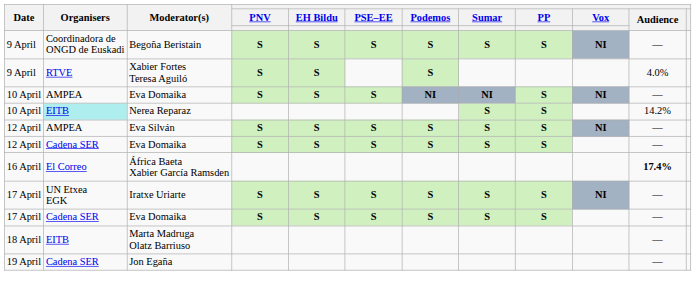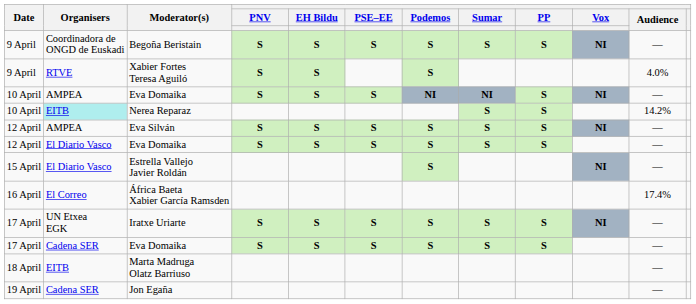 <table class="wikitable" style="text-align:center;">
 <tr>
 <th rowspan="3">Date</th>
 <th rowspan="3">Organisers</th>
 <th rowspan="3">Moderator(s)</th>
 <th colspan="9">        </th>
 </tr>
 <tr>
 <th scope="col" style="width:5em;"><a href='#'>PNV</a></th>
 <th scope="col" style="width:5em;"><a href='#'>EH Bildu</a></th>
 <th scope="col" style="width:5em;"><a href='#'>PSE–EE</a></th>
 <th scope="col" style="width:5em;"><a href='#'>Podemos</a></th>
 <th scope="col" style="width:5em;"><a href='#'>Sumar</a></th>
 <th scope="col" style="width:5em;"><a href='#'>PP</a></th>
 <th scope="col" style="width:5em;"><a href='#'>Vox</a></th>
 <th rowspan="2" scope="col" style="width:5em;">Audience</th>
 <th rowspan="2"></th>
 </tr>
 <tr>
 <th style="color:inherit;background:"></th>
 <th style="color:inherit;background:"></th>
 <th style="color:inherit;background:"></th>
 <th style="color:inherit;background:"></th>
 <th style="color:inherit;background:"></th>
 <th style="color:inherit;background:"></th>
 <th style="color:inherit;background:"></th>
 </tr>
 <tr>
 <td style="white-space:nowrap; text-align:left;">9 April</td>
 <td style="white-space:nowrap; text-align:left;">Coordinadora de<br>ONGD de Euskadi</td>
 <td style="white-space:nowrap; text-align:left;">Begoña Beristain</td>
 <td style="background:#D0F0C0;"><strong>S</strong><br></td>
 <td style="background:#D0F0C0;"><strong>S</strong><br></td>
 <td style="background:#D0F0C0;"><strong>S</strong><br></td>
 <td style="background:#D0F0C0;"><strong>S</strong><br></td>
 <td style="background:#D0F0C0;"><strong>S</strong><br></td>
 <td style="background:#D0F0C0;"><strong>S</strong><br></td>
 <td style="background:#A2B2C2;"><strong>NI</strong></td>
 <td>—</td>
 <td></td>
 </tr>
 <tr>
 <td style="white-space:nowrap; text-align:left;">9 April</td>
 <td style="white-space:nowrap; text-align:left;"><a href='#'>RTVE</a></td>
 <td style="white-space:nowrap; text-align:left;">Xabier Fortes<br>Teresa Aguiló</td>
 <td style="background:#D0F0C0;"><strong>S</strong><br></td>
 <td style="background:#D0F0C0;"><strong>S</strong><br></td>
 <td></td>
 <td style="background:#D0F0C0;"><strong>S</strong><br></td>
 <td></td>
 <td></td>
 <td></td>
 <td>4.0%</td>
 <td><br></td>
 </tr>
 <tr>
 <td style="white-space:nowrap; text-align:left;">10 April</td>
 <td style="white-space:nowrap; text-align:left;">AMPEA</td>
 <td style="white-space:nowrap; text-align:left;">Eva Domaika</td>
 <td style="background:#D0F0C0;"><strong>S</strong><br></td>
 <td style="background:#D0F0C0;"><strong>S</strong><br></td>
 <td style="background:#D0F0C0;"><strong>S</strong><br></td>
 <td style="background:#A2B2C2;"><strong>NI</strong></td>
 <td style="background:#A2B2C2;"><strong>NI</strong></td>
 <td style="background:#D0F0C0;"><strong>S</strong><br></td>
 <td style="background:#A2B2C2;"><strong>NI</strong></td>
 <td>—</td>
 <td></td>
 </tr>
 <tr>
 <td style="white-space:nowrap; text-align:left;">10 April</td>
 <td style="background: paleturquoise; white-space:nowrap; text-align:left;"><a href='#'>EITB</a></td>
 <td style="white-space:nowrap; text-align:left;">Nerea Reparaz</td>
 <td></td>
 <td></td>
 <td></td>
 <td></td>
 <td style="background:#D0F0C0;"><strong>S</strong><br></td>
 <td style="background:#D0F0C0;"><strong>S</strong><br></td>
 <td></td>
 <td>14.2%<br></td>
 <td><br></td>
 </tr>
 <tr>
 <td style="white-space:nowrap; text-align:left;">12 April</td>
 <td style="white-space:nowrap; text-align:left;">AMPEA</td>
 <td style="white-space:nowrap; text-align:left;">Eva Silván</td>
 <td style="background:#D0F0C0;"><strong>S</strong><br></td>
 <td style="background:#D0F0C0;"><strong>S</strong><br></td>
 <td style="background:#D0F0C0;"><strong>S</strong><br></td>
 <td style="background:#D0F0C0;"><strong>S</strong><br></td>
 <td style="background:#D0F0C0;"><strong>S</strong><br></td>
 <td style="background:#D0F0C0;"><strong>S</strong><br></td>
 <td style="background:#A2B2C2;"><strong>NI</strong></td>
 <td>—</td>
 <td></td>
 </tr>
 <tr>
 <td style="white-space:nowrap; text-align:left;">12 April</td>
-<td style="white-space:nowrap; text-align:left;"><a href='#'>Cadena SER</a></td>
+<td style="white-space:nowrap; text-align:left;"><a href='#'>El Diario Vasco</a></td>
 <td style="white-space:nowrap; text-align:left;">Eva Domaika</td>
 <td style="background:#D0F0C0;"><strong>S</strong><br></td>
 <td style="background:#D0F0C0;"><strong>S</strong><br></td>
 <td style="background:#D0F0C0;"><strong>S</strong><br></td>
 <td style="background:#D0F0C0;"><strong>S</strong><br></td>
 <td style="background:#D0F0C0;"><strong>S</strong><br></td>
 <td style="background:#D0F0C0;"><strong>S</strong><br></td>
 <td></td>
+<td>—</td>
+<td></td>
+</tr>
+<tr>
+<td style="white-space:nowrap; text-align:left;">15 April</td>
+<td style="white-space:nowrap; text-align:left;"><a href='#'>El Diario Vasco</a></td>
+<td style="white-space:nowrap; text-align:left;">Estrella Vallejo<br>Javier Roldán</td>
+<td></td>
+<td></td>
+<td></td>
+<td style="background:#D0F0C0;"><strong>S</strong><br></td>
+<td></td>
+<td></td>
+<td style="background:#A2B2C2;"><strong>NI</strong></td>
 <td>—</td>
 <td></td>
 </tr>
 <tr>
 <td style="white-space:nowrap; text-align:left;">16 April</td>
 <td style="white-space:nowrap; text-align:left;"><a href='#'>El Correo</a></td>
 <td style="white-space:nowrap; text-align:left;">África Baeta<br>Xabier García Ramsden</td>
 <td></td>
 <td></td>
 <td></td>
 <td></td>
 <td></td>
 <td></td>
 <td></td>
-<td><strong>17.4%<br></strong></td>
+<td>17.4%<br></td>
 <td><br></td>
 </tr>
 <tr>
 <td style="white-space:nowrap; text-align:left;">17 April</td>
 <td style="white-space:nowrap; text-align:left;">UN Etxea<br>EGK</td>
 <td style="white-space:nowrap; text-align:left;">Iratxe Uriarte</td>
 <td style="background:#D0F0C0;"><strong>S</strong><br></td>
 <td style="background:#D0F0C0;"><strong>S</strong><br></td>
 <td style="background:#D0F0C0;"><strong>S</strong><br></td>
 <td style="background:#D0F0C0;"><strong>S</strong><br></td>
 <td style="background:#D0F0C0;"><strong>S</strong><br></td>
 <td style="background:#D0F0C0;"><strong>S</strong><br></td>
 <td style="background:#A2B2C2;"><strong>NI</strong></td>
 <td>—</td>
 <td><br></td>
 </tr>
 <tr>
 <td style="white-space:nowrap; text-align:left;">17 April</td>
 <td style="white-space:nowrap; text-align:left;"><a href='#'>Cadena SER</a></td>
 <td style="white-space:nowrap; text-align:left;">Eva Domaika</td>
 <td style="background:#D0F0C0;"><strong>S</strong><br></td>
 <td style="background:#D0F0C0;"><strong>S</strong><br></td>
 <td style="background:#D0F0C0;"><strong>S</strong><br></td>
 <td style="background:#D0F0C0;"><strong>S</strong><br></td>
 <td style="background:#D0F0C0;"><strong>S</strong><br></td>
 <td style="background:#D0F0C0;"><strong>S</strong><br></td>
 <td></td>
 <td>—</td>
 <td></td>
 </tr>
 <tr>
 <td style="white-space:nowrap; text-align:left;">18 April</td>
 <td style="white-space:nowrap; text-align:left;"><a href='#'>EITB</a></td>
 <td style="white-space:nowrap; text-align:left;">Marta Madruga<br>Olatz Barriuso</td>
 <td></td>
 <td></td>
 <td></td>
 <td></td>
 <td></td>
 <td></td>
 <td></td>
 <td>—</td>
 <td></td>
 </tr>
 <tr>
 <td style="white-space:nowrap; text-align:left;">19 April</td>
 <td style="white-space:nowrap; text-align:left;"><a href='#'>Cadena SER</a></td>
 <td style="white-space:nowrap; text-align:left;">Jon Egaña</td>
 <td></td>
 <td></td>
 <td></td>
 <td></td>
 <td></td>
 <td></td>
 <td></td>
 <td>—</td>
 <td></td>
 </tr>
 </table>
